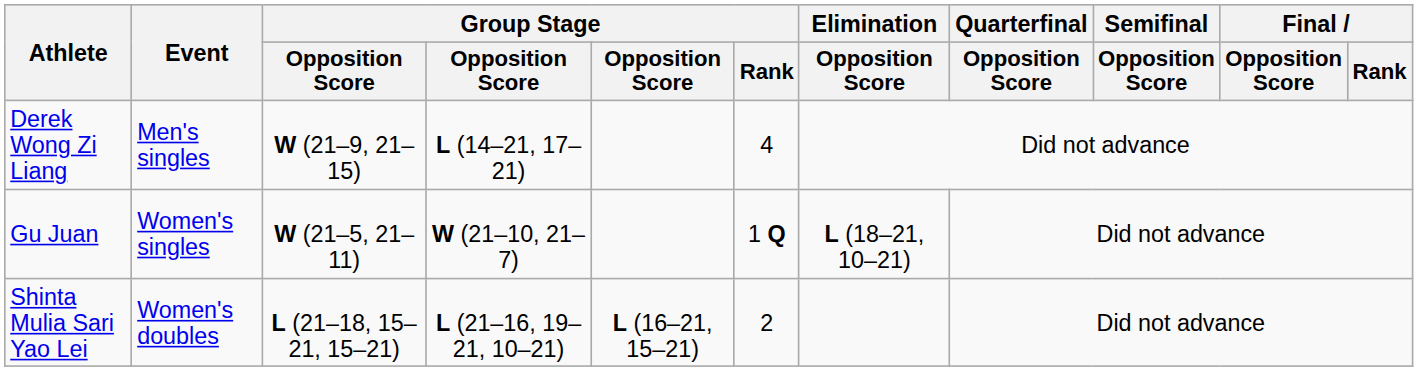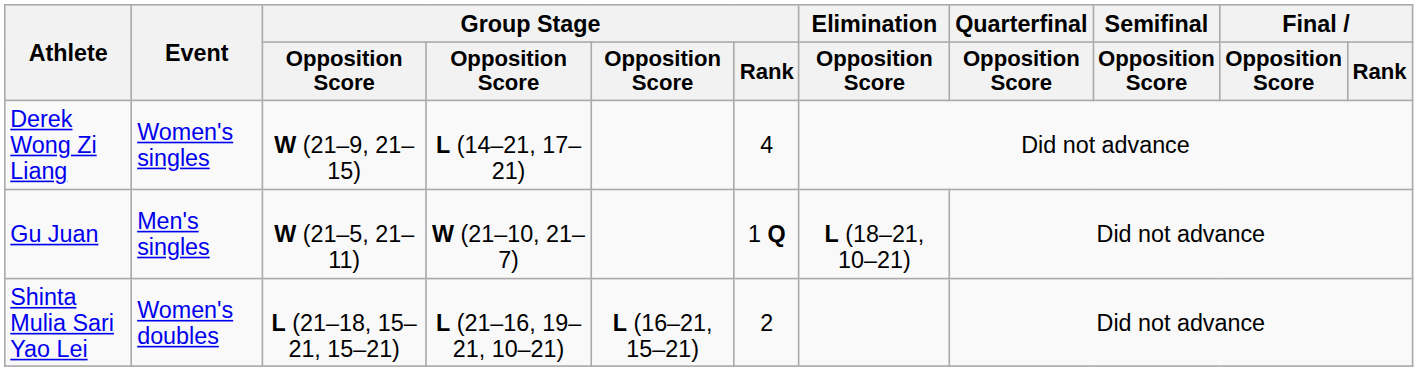 <table class="wikitable" style="font-size:90%">
 <tr>
 <th rowspan=2>Athlete</th>
 <th rowspan=2>Event</th>
 <th colspan=4>Group Stage</th>
 <th>Elimination</th>
 <th>Quarterfinal</th>
 <th>Semifinal</th>
 <th colspan=2>Final / </th>
 </tr>
 <tr style="font-size:95%">
 <th>Opposition<br>Score</th>
 <th>Opposition<br>Score</th>
 <th>Opposition<br>Score</th>
 <th>Rank</th>
 <th>Opposition<br>Score</th>
 <th>Opposition<br>Score</th>
 <th>Opposition<br>Score</th>
 <th>Opposition<br>Score</th>
 <th>Rank</th>
 </tr>
 <tr align=center>
 <td align=left><a href='#'>Derek Wong Zi Liang</a></td>
-<td align=left><a href='#'>Men's singles</a></td>
+<td align=left><a href='#'>Women's singles</a></td>
 <td><br><strong>W</strong> (21–9, 21–15)</td>
 <td><br><strong>L</strong> (14–21, 17–21)</td>
 <td></td>
 <td>4</td>
 <td colspan=5>Did not advance</td>
 </tr>
 <tr align=center>
 <td align=left><a href='#'>Gu Juan</a></td>
-<td align=left><a href='#'>Women's singles</a></td>
+<td align=left><a href='#'>Men's singles</a></td>
 <td><br><strong>W</strong> (21–5, 21–11)</td>
 <td> <br><strong>W</strong> (21–10, 21–7)</td>
 <td></td>
 <td>1 <strong>Q</strong></td>
 <td><br><strong>L</strong> (18–21, 10–21)</td>
 <td colspan=4>Did not advance</td>
 </tr>
 <tr align=center>
 <td align=left><a href='#'>Shinta Mulia Sari</a><br><a href='#'>Yao Lei</a></td>
 <td align=left><a href='#'>Women's doubles</a></td>
 <td><br><strong>L</strong> (21–18, 15–21, 15–21)</td>
 <td><br><strong>L</strong> (21–16, 19–21, 10–21)</td>
 <td><br><strong>L</strong> (16–21, 15–21)</td>
 <td>2</td>
 <td></td>
 <td colspan=4>Did not advance</td>
 </tr>
 </table>
